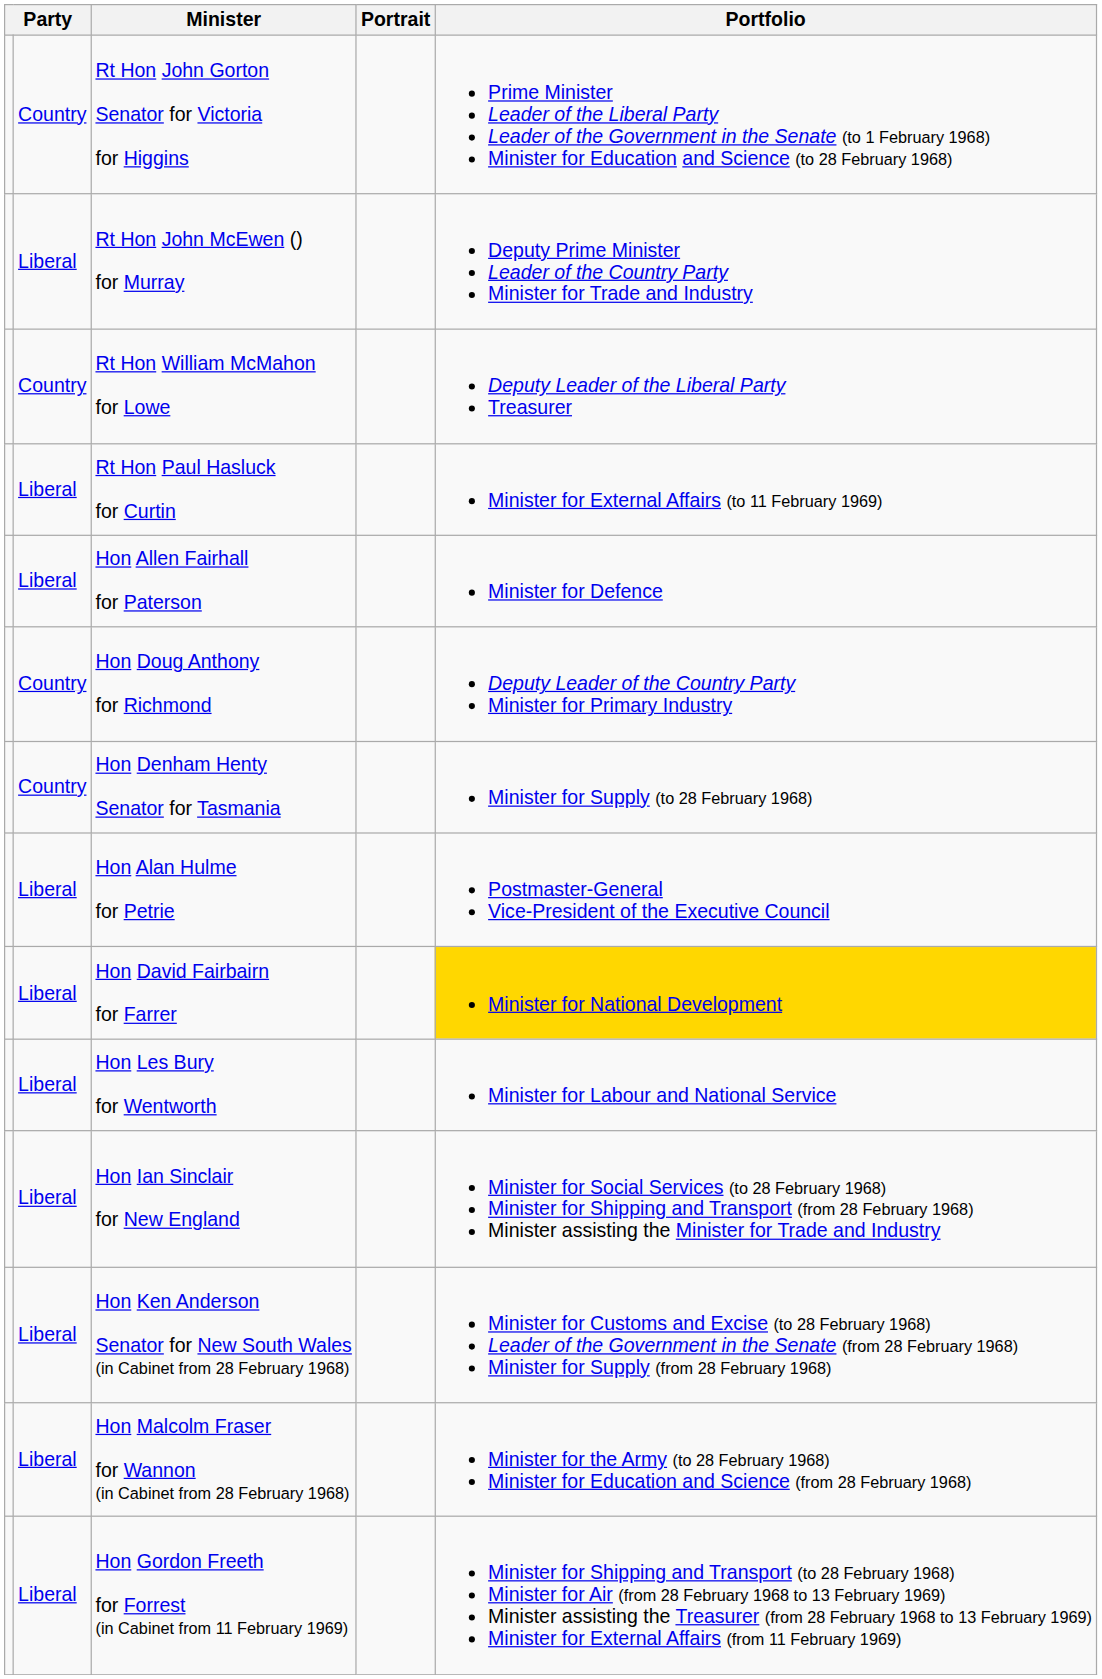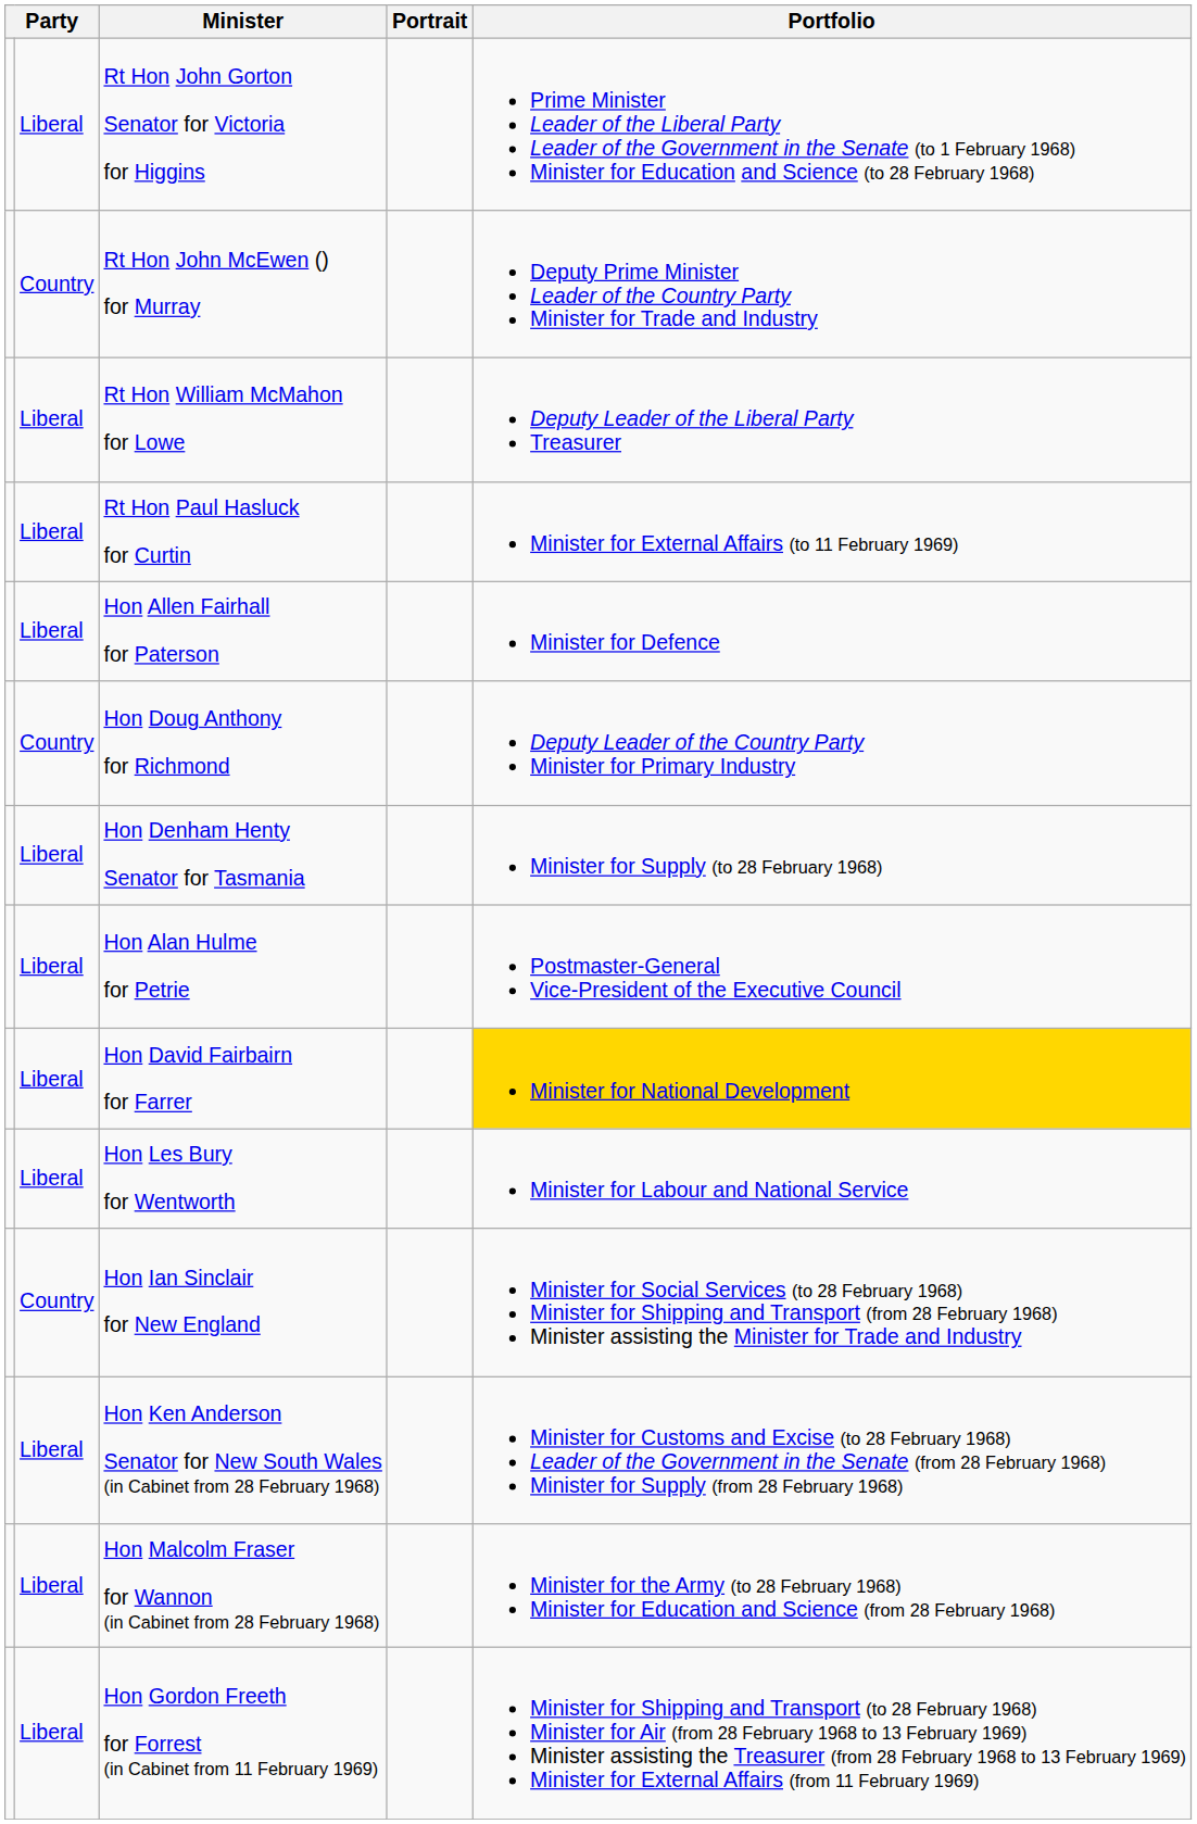 <table class="wikitable sortable">
 <tr>
 <th colspan="2">Party</th>
 <th>Minister</th>
 <th>Portrait</th>
 <th>Portfolio</th>
 </tr>
 <tr>
 <td></td>
-<td><a href='#'>Country</a></td>
+<td><a href='#'>Liberal</a></td>
 <td><a href='#'>Rt Hon</a> <a href='#'>John Gorton</a> <br><br><a href='#'>Senator</a> for <a href='#'>Victoria</a> <br><br> for <a href='#'>Higgins</a> <br></td>
 <td></td>
 <td><br><ul><li><a href='#'>Prime Minister</a></li><li><em><a href='#'>Leader of the Liberal Party</a></em></li><li><em><a href='#'>Leader of the Government in the Senate</a></em> <small>(to 1 February 1968)</small></li><li><a href='#'>Minister for Education</a> <a href='#'>and Science</a> <small>(to 28 February 1968)</small></li></ul></td>
 </tr>
 <tr>
 <td></td>
-<td><a href='#'>Liberal</a></td>
+<td><a href='#'>Country</a></td>
 <td><a href='#'>Rt Hon</a> <a href='#'>John McEwen</a> () <br><br> for <a href='#'>Murray</a> <br></td>
 <td></td>
 <td><br><ul><li><a href='#'>Deputy Prime Minister</a></li><li><em><a href='#'>Leader of the Country Party</a></em></li><li><a href='#'>Minister for Trade and Industry</a></li></ul></td>
 </tr>
 <tr>
 <td></td>
-<td><a href='#'>Country</a></td>
+<td><a href='#'>Liberal</a></td>
 <td><a href='#'>Rt Hon</a> <a href='#'>William McMahon</a> <br><br> for <a href='#'>Lowe</a> <br></td>
 <td></td>
 <td><br><ul><li><em><a href='#'>Deputy Leader of the Liberal Party</a></em></li><li><a href='#'>Treasurer</a></li></ul></td>
 </tr>
 <tr>
 <td></td>
 <td><a href='#'>Liberal</a></td>
 <td><a href='#'>Rt Hon</a> <a href='#'>Paul Hasluck</a> <br><br> for <a href='#'>Curtin</a> <br></td>
 <td></td>
 <td><br><ul><li><a href='#'>Minister for External Affairs</a> <small>(to 11 February 1969)</small></li></ul></td>
 </tr>
 <tr>
 <td></td>
 <td><a href='#'>Liberal</a></td>
 <td><a href='#'>Hon</a> <a href='#'>Allen Fairhall</a> <br><br> for <a href='#'>Paterson</a> <br></td>
 <td></td>
 <td><br><ul><li><a href='#'>Minister for Defence</a></li></ul></td>
 </tr>
 <tr>
 <td></td>
 <td><a href='#'>Country</a></td>
 <td><a href='#'>Hon</a> <a href='#'>Doug Anthony</a> <br><br> for <a href='#'>Richmond</a> <br></td>
 <td></td>
 <td><br><ul><li><em><a href='#'>Deputy Leader of the Country Party</a></em></li><li><a href='#'>Minister for Primary Industry</a></li></ul></td>
 </tr>
 <tr>
 <td></td>
-<td><a href='#'>Country</a></td>
+<td><a href='#'>Liberal</a></td>
 <td><a href='#'>Hon</a> <a href='#'>Denham Henty</a> <br><br><a href='#'>Senator</a> for <a href='#'>Tasmania</a> <br></td>
 <td></td>
 <td><br><ul><li><a href='#'>Minister for Supply</a> <small>(to 28 February 1968)</small></li></ul></td>
 </tr>
 <tr>
 <td></td>
 <td><a href='#'>Liberal</a></td>
 <td><a href='#'>Hon</a> <a href='#'>Alan Hulme</a> <br><br> for <a href='#'>Petrie</a> <br></td>
 <td></td>
 <td><br><ul><li><a href='#'>Postmaster-General</a></li><li><a href='#'>Vice-President of the Executive Council</a></li></ul></td>
 </tr>
 <tr>
 <td></td>
 <td><a href='#'>Liberal</a></td>
 <td><a href='#'>Hon</a> <a href='#'>David Fairbairn</a>  <br><br> for <a href='#'>Farrer</a> <br></td>
 <td></td>
 <td style="background: gold;"><br><ul><li><a href='#'>Minister for National Development</a></li></ul></td>
 </tr>
 <tr>
 <td></td>
 <td><a href='#'>Liberal</a></td>
 <td><a href='#'>Hon</a> <a href='#'>Les Bury</a> <br><br> for <a href='#'>Wentworth</a> <br></td>
 <td></td>
 <td><br><ul><li><a href='#'>Minister for Labour and National Service</a></li></ul></td>
 </tr>
 <tr>
 <td></td>
-<td><a href='#'>Liberal</a></td>
+<td><a href='#'>Country</a></td>
 <td><a href='#'>Hon</a> <a href='#'>Ian Sinclair</a> <br><br> for <a href='#'>New England</a> <br></td>
 <td></td>
 <td><br><ul><li><a href='#'>Minister for Social Services</a> <small>(to 28 February 1968)</small></li><li><a href='#'>Minister for Shipping and Transport</a> <small>(from 28 February 1968)</small></li><li>Minister assisting the <a href='#'>Minister for Trade and Industry</a></li></ul></td>
 </tr>
 <tr>
 <td></td>
 <td><a href='#'>Liberal</a></td>
 <td><a href='#'>Hon</a> <a href='#'>Ken Anderson</a> <br><br><a href='#'>Senator</a> for <a href='#'>New South Wales</a> <br> <small>(in Cabinet from 28 February 1968)</small></td>
 <td></td>
 <td><br><ul><li><a href='#'>Minister for Customs and Excise</a> <small>(to 28 February 1968)</small></li><li><em><a href='#'>Leader of the Government in the Senate</a></em> <small>(from 28 February 1968)</small></li><li><a href='#'>Minister for Supply</a> <small>(from 28 February 1968)</small></li></ul></td>
 </tr>
 <tr>
 <td></td>
 <td><a href='#'>Liberal</a></td>
 <td><a href='#'>Hon</a> <a href='#'>Malcolm Fraser</a> <br><br> for <a href='#'>Wannon</a> <br>  <small>(in Cabinet from 28 February 1968)</small></td>
 <td></td>
 <td><br><ul><li><a href='#'>Minister for the Army</a> <small>(to 28 February 1968)</small></li><li><a href='#'>Minister for Education and Science</a> <small>(from 28 February 1968)</small></li></ul></td>
 </tr>
 <tr>
 <td></td>
 <td><a href='#'>Liberal</a></td>
 <td><a href='#'>Hon</a> <a href='#'>Gordon Freeth</a> <br><br> for <a href='#'>Forrest</a> <br> <small>(in Cabinet from 11 February 1969)</small></td>
 <td></td>
 <td><br><ul><li><a href='#'>Minister for Shipping and Transport</a> <small>(to 28 February 1968)</small></li><li><a href='#'>Minister for Air</a> <small>(from 28 February 1968 to 13 February 1969)</small></li><li>Minister assisting the <a href='#'>Treasurer</a> <small>(from 28 February 1968 to 13 February 1969)</small></li><li><a href='#'>Minister for External Affairs</a> <small>(from 11 February 1969)</small></li></ul></td>
 </tr>
 </table>
